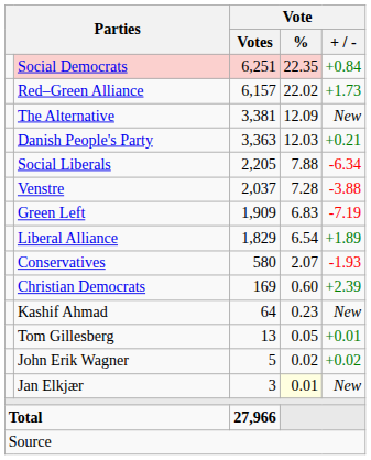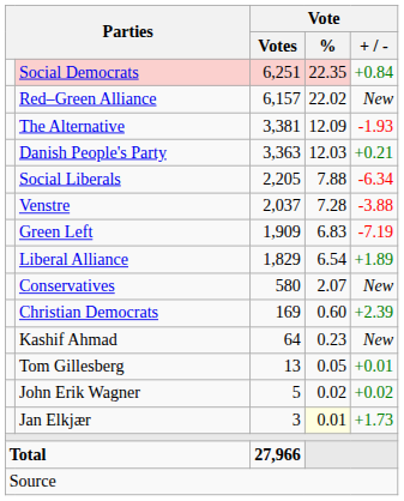 <table class="wikitable" style="text-align:right;">
 <tr>
 <th style="text-align:centre;" rowspan="2" colspan="2" width="225">Parties</th>
 <th colspan="3">Vote</th>
 </tr>
 <tr>
 <th width="15">Votes</th>
 <th width="15">%</th>
 <th width="15">+ / -</th>
 </tr>
 <tr>
 <td width="2" style="color:inherit;background:"></td>
 <td bgcolor=#fbd0ce  align="left"><a href='#'>Social Democrats</a></td>
 <td bgcolor=#fbd0ce>6,251</td>
 <td bgcolor=#fbd0ce>22.35</td>
 <td style=color:green;>+0.84</td>
 </tr>
 <tr>
 <td width="2" style="color:inherit;background:"></td>
 <td align="left"><a href='#'>Red–Green Alliance</a></td>
 <td>6,157</td>
 <td>22.02</td>
-<td style=color:green;>+1.73</td>
+<td><em>New</em></td>
 </tr>
 <tr>
 <td width="2" style="color:inherit;background:"></td>
 <td align="left"><a href='#'>The Alternative</a></td>
 <td>3,381</td>
 <td>12.09</td>
-<td><em>New</em></td>
+<td style=color:red;>-1.93</td>
 </tr>
 <tr>
 <td width="2" style="color:inherit;background:"></td>
 <td align="left"><a href='#'>Danish People's Party</a></td>
 <td>3,363</td>
 <td>12.03</td>
 <td style=color:green;>+0.21</td>
 </tr>
 <tr>
 <td width="2" style="color:inherit;background:"></td>
 <td align="left"><a href='#'>Social Liberals</a></td>
 <td>2,205</td>
 <td>7.88</td>
 <td style=color:red;>-6.34</td>
 </tr>
 <tr>
 <td width="2" style="color:inherit;background:"></td>
 <td align="left"><a href='#'>Venstre</a></td>
 <td>2,037</td>
 <td>7.28</td>
 <td style=color:red;>-3.88</td>
 </tr>
 <tr>
 <td width="2" style="color:inherit;background:"></td>
 <td align="left"><a href='#'>Green Left</a></td>
 <td>1,909</td>
 <td>6.83</td>
 <td style=color:red;>-7.19</td>
 </tr>
 <tr>
 <td width="2" style="color:inherit;background:"></td>
 <td align="left"><a href='#'>Liberal Alliance</a></td>
 <td>1,829</td>
 <td>6.54</td>
 <td style=color:green;>+1.89</td>
 </tr>
 <tr>
 <td width="2" style="color:inherit;background:"></td>
 <td align="left"><a href='#'>Conservatives</a></td>
 <td>580</td>
 <td>2.07</td>
-<td style=color:red;>-1.93</td>
+<td><em>New</em></td>
 </tr>
 <tr>
 <td width="2" style="color:inherit;background:"></td>
 <td align="left"><a href='#'>Christian Democrats</a></td>
 <td>169</td>
 <td>0.60</td>
 <td style=color:green;>+2.39</td>
 </tr>
 <tr>
 <td width="2" style="color:inherit;background:"></td>
 <td align="left">Kashif Ahmad</td>
 <td>64</td>
 <td>0.23</td>
 <td><em>New</em></td>
 </tr>
 <tr>
 <td width="2" style="color:inherit;background:"></td>
 <td align="left">Tom Gillesberg</td>
 <td>13</td>
 <td>0.05</td>
 <td style=color:green;>+0.01</td>
 </tr>
 <tr>
 <td width="2" style="color:inherit;background:"></td>
 <td align="left">John Erik Wagner</td>
 <td>5</td>
 <td>0.02</td>
 <td style=color:green;>+0.02</td>
 </tr>
 <tr>
 <td width="2" style="color:inherit;background:"></td>
 <td align="left">Jan Elkjær</td>
 <td>3</td>
 <td style="background: lightyellow;">0.01</td>
-<td><em>New</em></td>
+<td style=color:green;>+1.73</td>
 </tr>
 <tr>
 <td colspan="7" bgcolor="#E9E9E9"></td>
 </tr>
 <tr>
 <td align="left" colspan="2"><strong>Total</strong></td>
 <td><strong>27,966</strong></td>
 <td bgcolor="#E9E9E9" colspan="2"></td>
 </tr>
 <tr>
 <td align="left" colspan="6">Source</td>
 </tr>
 </table>
